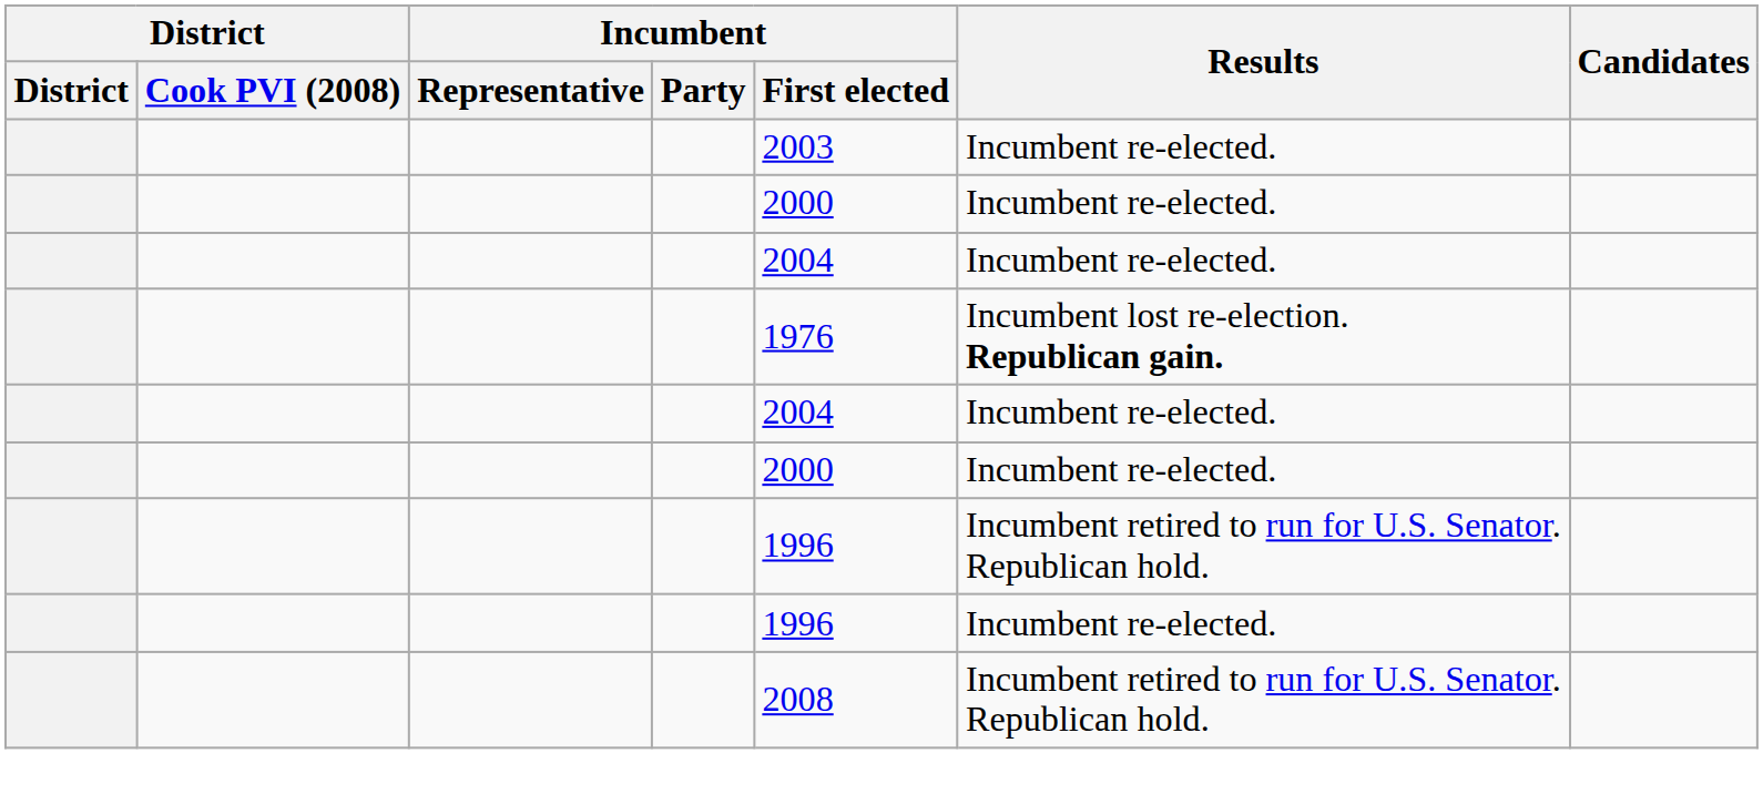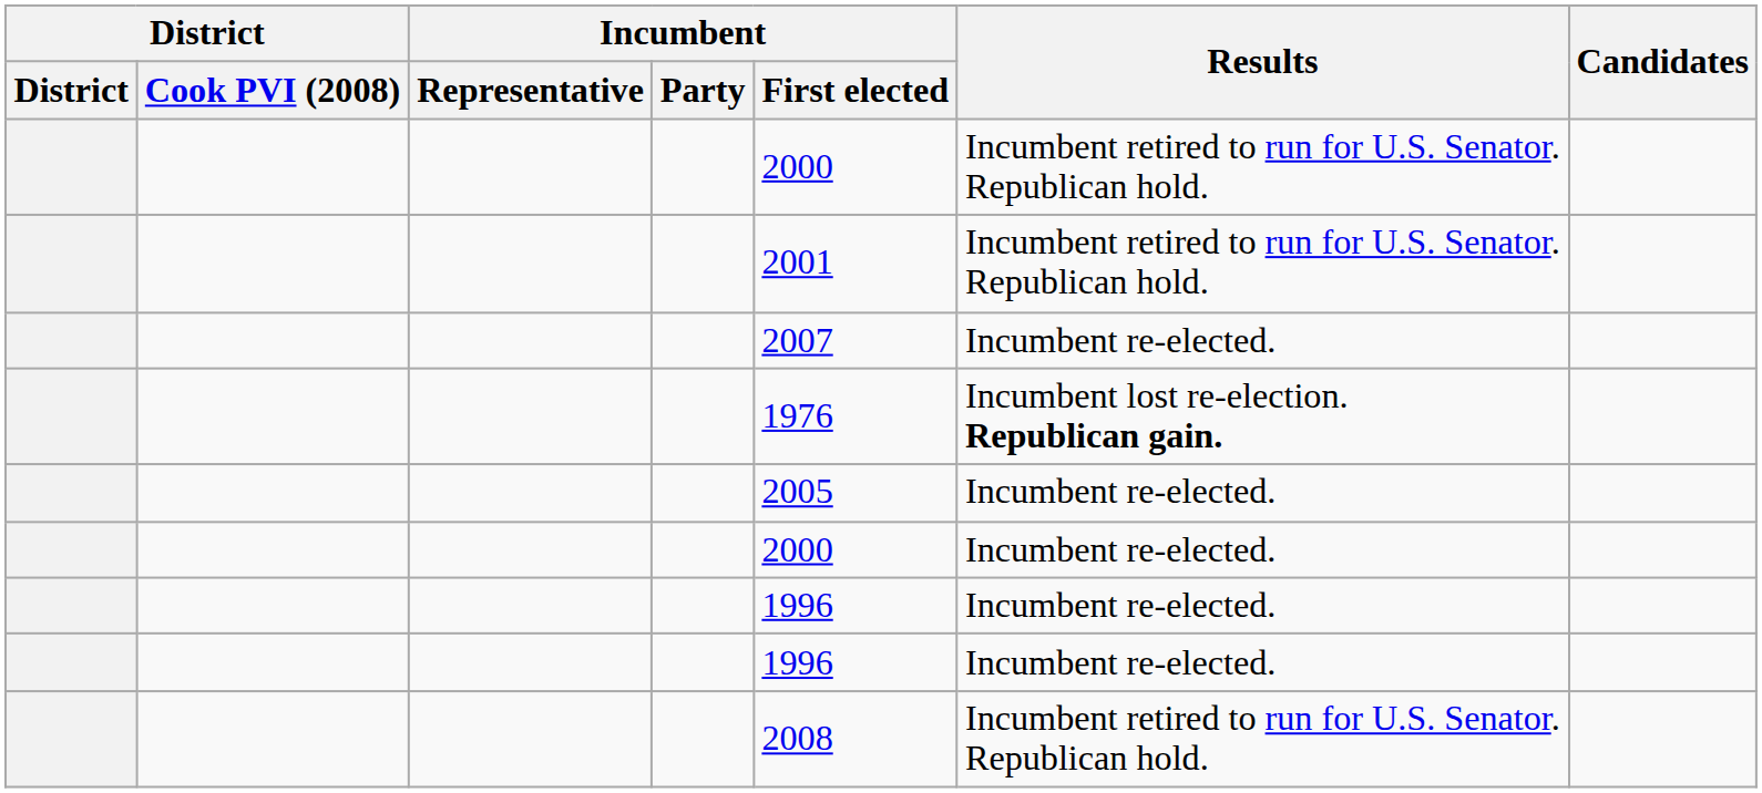 <table class="wikitable sortable">
 <tr>
 <th colspan=2>District</th>
 <th colspan=3>Incumbent</th>
 <th rowspan=2>Results</th>
 <th rowspan=2>Candidates</th>
 </tr>
 <tr valign=bottom>
 <th>District</th>
 <th><a href='#'>Cook PVI</a> (2008)</th>
 <th>Representative</th>
 <th>Party</th>
 <th>First elected</th>
 </tr>
 <tr>
 <th></th>
 <td></td>
 <td></td>
 <td></td>
-<td><a href='#'>2003</a></td>
-<td>Incumbent re-elected.</td>
+<td><a href='#'>2000</a></td>
+<td>Incumbent retired to <a href='#'>run for U.S. Senator</a>.<br>Republican hold.</td>
 <td nowrap></td>
 </tr>
 <tr>
 <th></th>
 <td></td>
 <td></td>
 <td></td>
-<td><a href='#'>2000</a></td>
-<td>Incumbent re-elected.</td>
+<td><a href='#'>2001</a></td>
+<td>Incumbent retired to <a href='#'>run for U.S. Senator</a>.<br>Republican hold.</td>
 <td nowrap></td>
 </tr>
 <tr>
 <th></th>
 <td></td>
 <td></td>
 <td></td>
-<td><a href='#'>2004</a></td>
+<td><a href='#'>2007</a></td>
 <td>Incumbent re-elected.</td>
 <td nowrap></td>
 </tr>
 <tr>
 <th></th>
 <td></td>
 <td></td>
 <td></td>
 <td><a href='#'>1976</a></td>
 <td>Incumbent lost re-election.<br><strong>Republican gain.</strong></td>
 <td nowrap></td>
 </tr>
 <tr>
 <th></th>
 <td></td>
 <td></td>
 <td></td>
-<td><a href='#'>2004</a></td>
+<td><a href='#'>2005</a></td>
 <td>Incumbent re-elected.</td>
 <td nowrap></td>
 </tr>
 <tr>
 <th></th>
 <td></td>
 <td></td>
 <td></td>
 <td><a href='#'>2000</a></td>
 <td>Incumbent re-elected.</td>
 <td nowrap></td>
 </tr>
 <tr>
 <th></th>
 <td></td>
 <td></td>
 <td></td>
 <td><a href='#'>1996</a></td>
-<td>Incumbent retired to <a href='#'>run for U.S. Senator</a>.<br>Republican hold.</td>
+<td>Incumbent re-elected.</td>
 <td nowrap></td>
 </tr>
 <tr>
 <th></th>
 <td></td>
 <td></td>
 <td></td>
 <td><a href='#'>1996</a></td>
 <td>Incumbent re-elected.</td>
 <td nowrap></td>
 </tr>
 <tr>
 <th></th>
 <td></td>
 <td></td>
 <td></td>
 <td><a href='#'>2008</a></td>
 <td>Incumbent retired to <a href='#'>run for U.S. Senator</a>.<br>Republican hold.</td>
 <td nowrap></td>
 </tr>
 </table>
